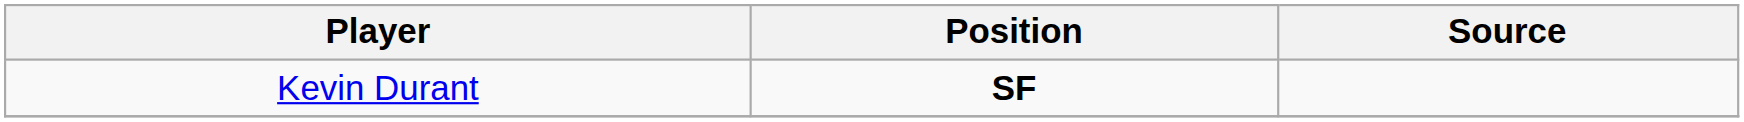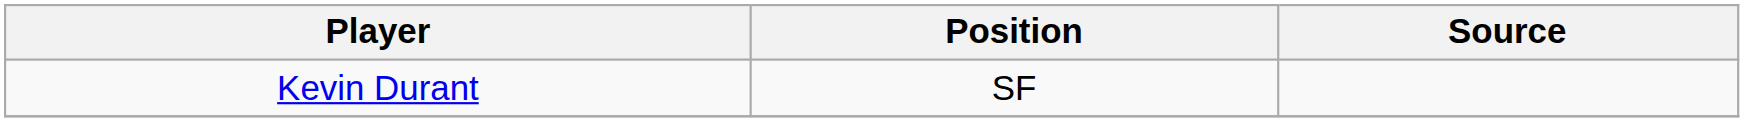 <table class="wikitable" style="width: 90%;text-align: center;">
 <tr>
 <th style=>Player</th>
 <th style=>Position</th>
 <th style=>Source</th>
 </tr>
 <tr align="center">
 <td rowspan="1"><a href='#'>Kevin Durant</a></td>
-<td><strong>SF</strong></td>
+<td>SF</td>
 <td></td>
 </tr>
 <tr>
 </tr>
 </table>
